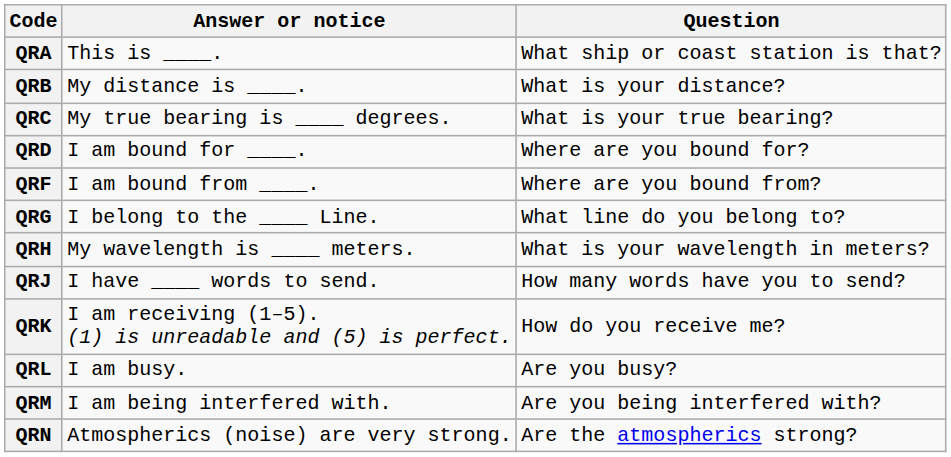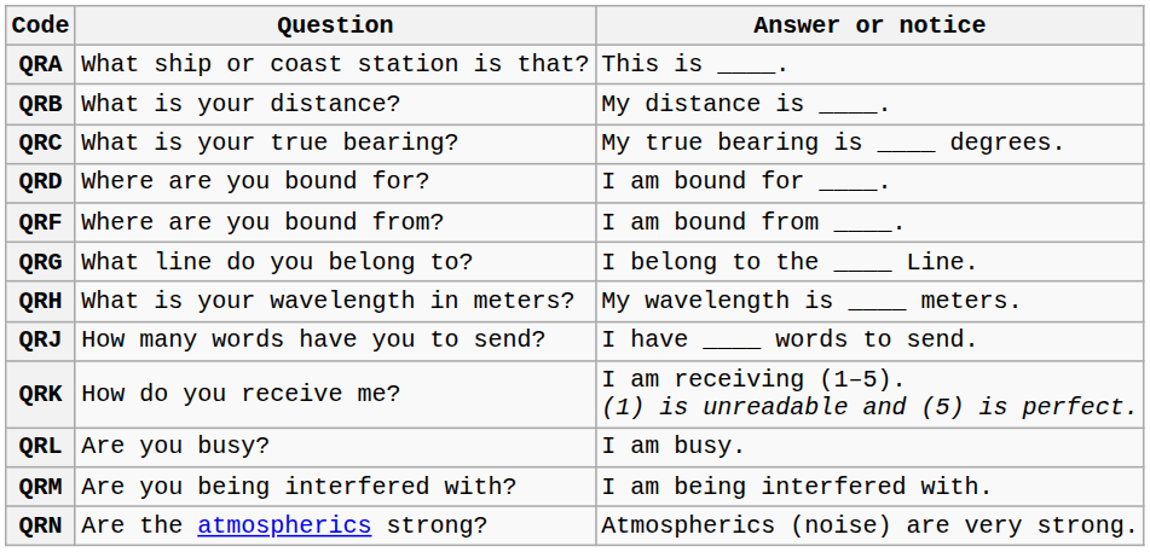 <table class="wikitable plainrowheaders" summary="First 12">
 <tr>
 <th scope="col">Code</th>
+<th scope="col">Question</th>
 <th scope="col">Answer or notice</th>
-<th scope="col">Question</th>
 </tr>
 <tr>
 <th scope="row"><strong>QRA</strong></th>
+<td>What ship or coast station is that?</td>
 <td>This is ____.</td>
-<td>What ship or coast station is that?</td>
 </tr>
 <tr>
 <th scope="row"><strong>QRB</strong></th>
+<td>What is your distance?</td>
 <td>My distance is ____.</td>
-<td>What is your distance?</td>
 </tr>
 <tr>
 <th scope="row"><strong>QRC</strong></th>
+<td>What is your true bearing?</td>
 <td>My true bearing is ____ degrees.</td>
-<td>What is your true bearing?</td>
 </tr>
 <tr>
 <th scope="row"><strong>QRD</strong></th>
+<td>Where are you bound for?</td>
 <td>I am bound for ____.</td>
-<td>Where are you bound for?</td>
 </tr>
 <tr>
 <th scope="row"><strong>QRF</strong></th>
+<td>Where are you bound from?</td>
 <td>I am bound from ____.</td>
-<td>Where are you bound from?</td>
 </tr>
 <tr>
 <th scope="row"><strong>QRG</strong></th>
+<td>What line do you belong to?</td>
 <td>I belong to the ____ Line.</td>
-<td>What line do you belong to?</td>
 </tr>
 <tr>
 <th scope="row"><strong>QRH</strong></th>
+<td>What is your wavelength in meters?</td>
 <td>My wavelength is ____ meters.</td>
-<td>What is your wavelength in meters?</td>
 </tr>
 <tr>
 <th scope="row"><strong>QRJ</strong></th>
+<td>How many words have you to send?</td>
 <td>I have ____ words to send.</td>
-<td>How many words have you to send?</td>
 </tr>
 <tr>
 <th scope="row"><strong>QRK</strong></th>
+<td>How do you receive me?</td>
 <td>I am receiving (1–5).<br><em>(1) is unreadable and (5) is perfect.</em></td>
-<td>How do you receive me?</td>
 </tr>
 <tr>
 <th scope="row"><strong>QRL</strong></th>
+<td>Are you busy?</td>
 <td>I am busy.</td>
-<td>Are you busy?</td>
 </tr>
 <tr>
 <th scope="row"><strong>QRM</strong></th>
+<td>Are you being interfered with?</td>
 <td>I am being interfered with.</td>
-<td>Are you being interfered with?</td>
 </tr>
 <tr>
 <th scope="row"><strong>QRN</strong></th>
+<td>Are the <a href='#'>atmospherics</a> strong?</td>
 <td>Atmospherics (noise) are very strong.</td>
-<td>Are the <a href='#'>atmospherics</a> strong?</td>
 </tr>
 </table>
